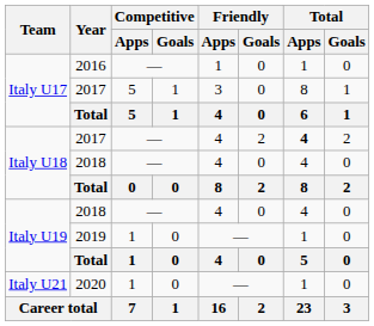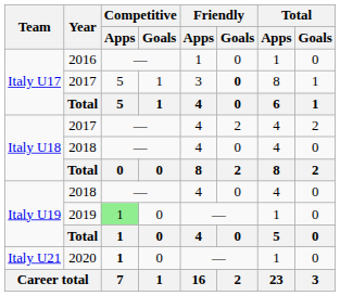 <table class="wikitable" style="text-align:center">
 <tr>
 <th rowspan=2>Team</th>
 <th rowspan=2>Year</th>
 <th colspan=2>Competitive</th>
 <th colspan=2>Friendly</th>
 <th colspan=2>Total</th>
 </tr>
 <tr>
 <th>Apps</th>
 <th>Goals</th>
 <th>Apps</th>
 <th>Goals</th>
 <th>Apps</th>
 <th>Goals</th>
 </tr>
 <tr>
 <td rowspan="3"><a href='#'>Italy U17</a></td>
 <td>2016</td>
 <td colspan="2">—</td>
 <td>1</td>
 <td>0</td>
 <td>1</td>
 <td>0</td>
 </tr>
 <tr>
 <td>2017</td>
 <td>5</td>
 <td>1</td>
 <td>3</td>
-<td>0</td>
+<td><strong>0</strong></td>
 <td>8</td>
 <td>1</td>
 </tr>
 <tr>
 <th>Total</th>
 <th>5</th>
 <th>1</th>
 <th>4</th>
 <th>0</th>
 <th>6</th>
 <th>1</th>
 </tr>
 <tr>
 <td rowspan="3"><a href='#'>Italy U18</a></td>
 <td>2017</td>
 <td colspan="2">—</td>
 <td>4</td>
 <td>2</td>
-<td><strong>4</strong></td>
+<td>4</td>
 <td>2</td>
 </tr>
 <tr>
 <td>2018</td>
 <td colspan="2">—</td>
 <td>4</td>
 <td>0</td>
 <td>4</td>
 <td>0</td>
 </tr>
 <tr>
 <th>Total</th>
 <th>0</th>
 <th>0</th>
 <th>8</th>
 <th>2</th>
 <th>8</th>
 <th>2</th>
 </tr>
 <tr>
 <td rowspan="3"><a href='#'>Italy U19</a></td>
 <td>2018</td>
 <td colspan="2">—</td>
 <td>4</td>
 <td>0</td>
 <td>4</td>
 <td>0</td>
 </tr>
 <tr>
 <td>2019</td>
-<td>1</td>
+<td style="background: lightgreen;">1</td>
 <td>0</td>
 <td colspan="2">—</td>
 <td>1</td>
 <td>0</td>
 </tr>
 <tr>
 <th>Total</th>
 <th>1</th>
 <th>0</th>
 <th>4</th>
 <th>0</th>
 <th>5</th>
 <th>0</th>
 </tr>
 <tr>
 <td><a href='#'>Italy U21</a></td>
 <td>2020</td>
-<td>1</td>
+<td><strong>1</strong></td>
 <td>0</td>
 <td colspan="2">—</td>
 <td>1</td>
 <td>0</td>
 </tr>
 <tr>
 <th colspan="2">Career total</th>
 <th>7</th>
 <th>1</th>
 <th>16</th>
 <th>2</th>
 <th>23</th>
 <th>3</th>
 </tr>
 </table>
